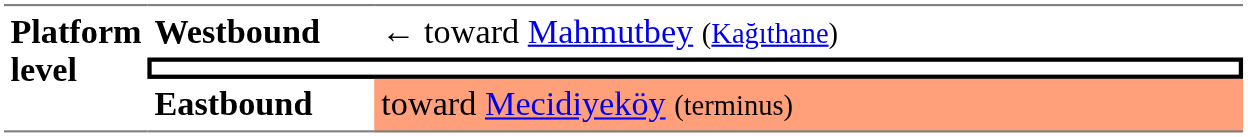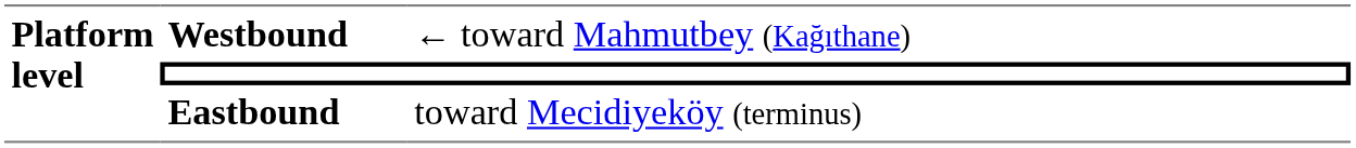 <table cellpadding="3" cellspacing="0" border="0">
 <tr>
 <td rowspan="3" width="50" style="border-top-color: gray; border-bottom-color: gray; border-top-width: 1px; border-bottom-width: 1px; border-top-style: solid; border-bottom-style: solid;" valign="top"><strong>Platform level</strong></td>
 <td width="100" style="border-top-color: gray; border-top-width: 1px; border-top-style: solid;"><strong>Westbound</strong></td>
 <td width="400" style="border-top-color: gray; border-top-width: 1px; border-top-style: solid;">←  toward <a href='#'>Mahmutbey</a> <small>(<a href='#'>Kağıthane</a>)</small></td>
 </tr>
 <tr>
 <td colspan="2" style="border: 2px solid black; border-image: none; text-align: center;"></td>
 </tr>
 <tr>
 <td style="border-bottom-color: gray; border-bottom-width: 1px; border-bottom-style: solid;"><strong>Eastbound</strong></td>
-<td style="background: lightsalmon; border-bottom-color: gray; border-bottom-width: 1px; border-bottom-style: solid;"> toward <a href='#'>Mecidiyeköy</a> <small>(terminus)</small></td>
+<td style="border-bottom-color: gray; border-bottom-width: 1px; border-bottom-style: solid;"> toward <a href='#'>Mecidiyeköy</a> <small>(terminus)</small></td>
 </tr>
 </table>
